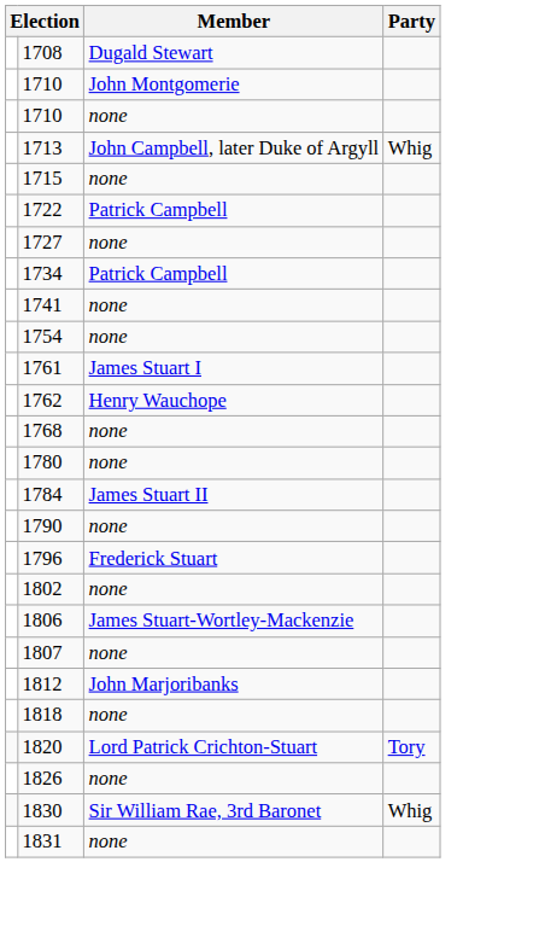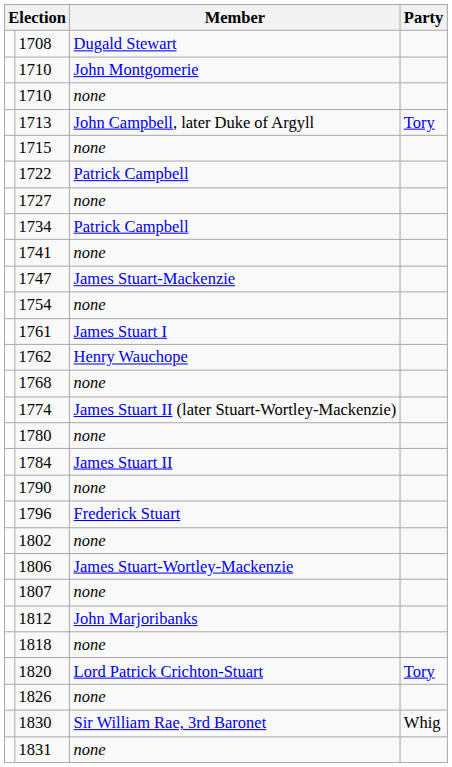 <table class="wikitable">
 <tr>
 <th colspan="2">Election</th>
 <th>Member</th>
 <th>Party</th>
 </tr>
 <tr>
 <td style="color:inherit;background-color: white"></td>
 <td>1708</td>
 <td><a href='#'>Dugald Stewart</a></td>
 <td></td>
 </tr>
 <tr>
 <td style="color:inherit;background-color: white"></td>
 <td>1710</td>
 <td><a href='#'>John Montgomerie</a></td>
 <td></td>
 </tr>
 <tr>
 <td style="color:inherit;background-color: white"></td>
 <td>1710</td>
 <td><em>none</em></td>
 <td></td>
 </tr>
 <tr>
 <td style="color:inherit;background-color: white"></td>
 <td>1713</td>
 <td><a href='#'>John Campbell</a>, later Duke of Argyll</td>
-<td>Whig</td>
+<td><a href='#'>Tory</a></td>
 </tr>
 <tr>
 <td style="color:inherit;background-color: white"></td>
 <td>1715</td>
 <td><em>none</em></td>
 <td></td>
 </tr>
 <tr>
 <td style="color:inherit;background-color: white"></td>
 <td>1722</td>
 <td><a href='#'>Patrick Campbell</a></td>
 <td></td>
 </tr>
 <tr>
 <td style="color:inherit;background-color: white"></td>
 <td>1727</td>
 <td><em>none</em></td>
 <td></td>
 </tr>
 <tr>
 <td style="color:inherit;background-color: white"></td>
 <td>1734</td>
 <td><a href='#'>Patrick Campbell</a></td>
 <td></td>
 </tr>
 <tr>
 <td style="color:inherit;background-color: white"></td>
 <td>1741</td>
 <td><em>none</em></td>
 <td></td>
 </tr>
 <tr>
 <td style="color:inherit;background-color: white"></td>
+<td>1747</td>
+<td><a href='#'>James Stuart-Mackenzie</a></td>
+<td></td>
+</tr>
+<tr>
+<td style="color:inherit;background-color: white"></td>
 <td>1754</td>
 <td><em>none</em></td>
 <td></td>
 </tr>
 <tr>
 <td style="color:inherit;background-color: white"></td>
 <td>1761</td>
 <td><a href='#'>James Stuart I</a></td>
 <td></td>
 </tr>
 <tr>
 <td style="color:inherit;background-color: white"></td>
 <td>1762</td>
 <td><a href='#'>Henry Wauchope</a></td>
 <td></td>
 </tr>
 <tr>
 <td style="color:inherit;background-color: white"></td>
 <td>1768</td>
 <td><em>none</em></td>
+<td></td>
+</tr>
+<tr>
+<td style="color:inherit;background-color: white"></td>
+<td>1774</td>
+<td><a href='#'>James Stuart II</a> (later Stuart-Wortley-Mackenzie)</td>
 <td></td>
 </tr>
 <tr>
 <td style="color:inherit;background-color: white"></td>
 <td>1780</td>
 <td><em>none</em></td>
 <td></td>
 </tr>
 <tr>
 <td style="color:inherit;background-color: white"></td>
 <td>1784</td>
 <td><a href='#'>James Stuart II</a></td>
 <td></td>
 </tr>
 <tr>
 <td style="color:inherit;background-color: white"></td>
 <td>1790</td>
 <td><em>none</em></td>
 <td></td>
 </tr>
 <tr>
 <td style="color:inherit;background-color: white"></td>
 <td>1796</td>
 <td><a href='#'>Frederick Stuart</a></td>
 <td></td>
 </tr>
 <tr>
 <td style="color:inherit;background-color: white"></td>
 <td>1802</td>
 <td><em>none</em></td>
 <td></td>
 </tr>
 <tr>
 <td style="color:inherit;background-color: white"></td>
 <td>1806</td>
 <td><a href='#'>James Stuart-Wortley-Mackenzie</a></td>
 <td></td>
 </tr>
 <tr>
 <td style="color:inherit;background-color: white"></td>
 <td>1807</td>
 <td><em>none</em></td>
 <td></td>
 </tr>
 <tr>
 <td style="color:inherit;background-color: white"></td>
 <td>1812</td>
 <td><a href='#'>John Marjoribanks</a></td>
 <td></td>
 </tr>
 <tr>
 <td style="color:inherit;background-color: white"></td>
 <td>1818</td>
 <td><em>none</em></td>
 <td></td>
 </tr>
 <tr>
 <td style="color:inherit;background-color: "></td>
 <td>1820</td>
 <td><a href='#'>Lord Patrick Crichton-Stuart</a></td>
 <td><a href='#'>Tory</a></td>
 </tr>
 <tr>
 <td style="color:inherit;background-color: white"></td>
 <td>1826</td>
 <td><em>none</em></td>
 <td></td>
 </tr>
 <tr>
 <td style="color:inherit;background-color: "></td>
 <td>1830</td>
 <td><a href='#'>Sir William Rae, 3rd Baronet</a></td>
 <td>Whig</td>
 </tr>
 <tr>
 <td style="color:inherit;background-color: white"></td>
 <td>1831</td>
 <td><em>none</em></td>
 <td></td>
 </tr>
 </table>
